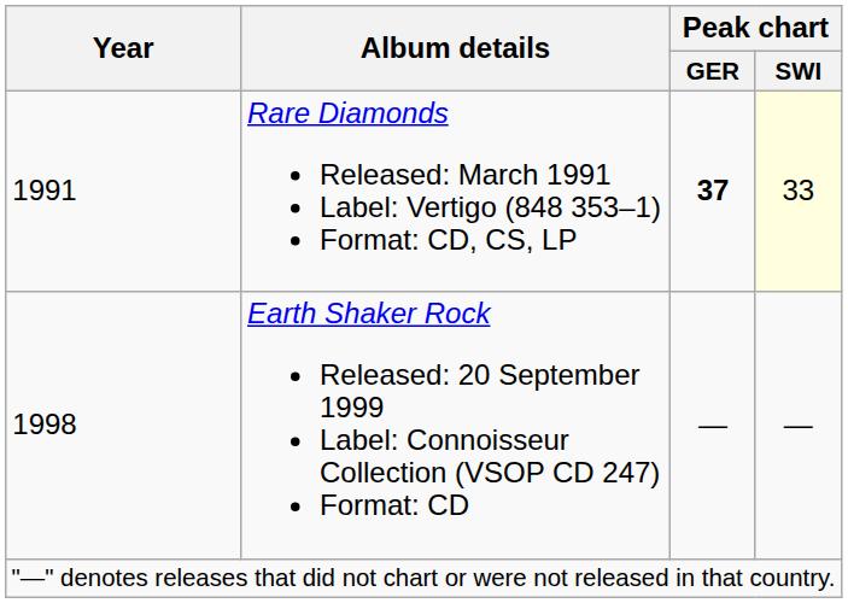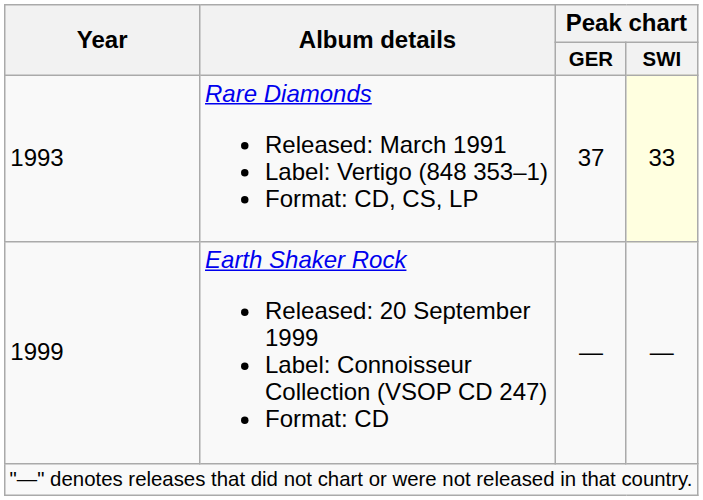 <table class="wikitable">
 <tr>
 <th rowspan="2">Year</th>
 <th rowspan="2" width="230">Album details</th>
 <th colspan="4">Peak chart</th>
 </tr>
 <tr>
 <th style="width:3em;font-size:85%;">GER<br></th>
 <th style="width:3em;font-size:85%;">SWI<br></th>
 </tr>
 <tr>
-<td>1991</td>
+<td>1993</td>
 <td><em><a href='#'>Rare Diamonds</a></em><br><ul><li>Released: March 1991</li><li>Label: Vertigo (848 353–1)</li><li>Format: CD, CS, LP</li></ul></td>
-<td align="center"><strong>37</strong></td>
+<td align="center">37</td>
 <td align="center" style="background: lightyellow;">33</td>
 </tr>
 <tr>
-<td>1998</td>
+<td>1999</td>
 <td><em><a href='#'>Earth Shaker Rock</a></em><br><ul><li>Released: 20 September 1999</li><li>Label: Connoisseur Collection (VSOP CD 247)</li><li>Format: CD</li></ul></td>
 <td align="center">—</td>
 <td align="center">—</td>
 </tr>
 <tr>
 <td align="center" colspan="7" style="font-size: 85%">"—" denotes releases that did not chart or were not released in that country.</td>
 </tr>
 </table>
